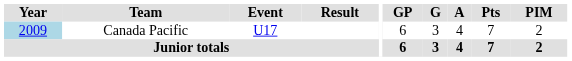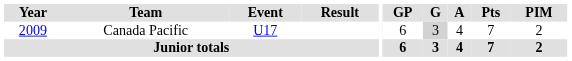 <table border="0" cellpadding="1" cellspacing="0" ID="Table3" style="text-align:center; width:40em">
 <tr ALIGN="center" bgcolor="#e0e0e0">
 <th>Year</th>
 <th>Team</th>
 <th>Event</th>
 <th>Result</th>
 <th rowspan="99" bgcolor="#ffffff"></th>
 <th>GP</th>
 <th>G</th>
 <th>A</th>
 <th>Pts</th>
 <th>PIM</th>
 </tr>
 <tr ALIGN="center">
-<td style="background: lightblue;"><a href='#'>2009</a></td>
+<td><a href='#'>2009</a></td>
 <td>Canada Pacific</td>
 <td><a href='#'>U17</a></td>
 <td></td>
 <td>6</td>
-<td>3</td>
+<td style="background: lightgrey;">3</td>
 <td>4</td>
 <td>7</td>
 <td>2</td>
 </tr>
 <tr bgcolor="#e0e0e0">
 <th colspan="4">Junior totals</th>
 <th>6</th>
 <th>3</th>
 <th>4</th>
 <th>7</th>
 <th>2</th>
 </tr>
 </table>
